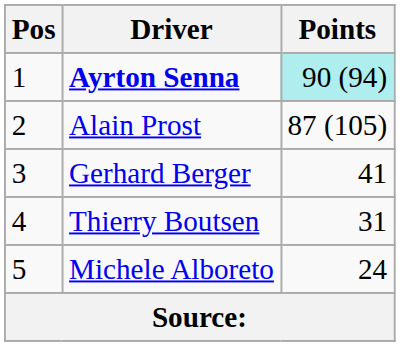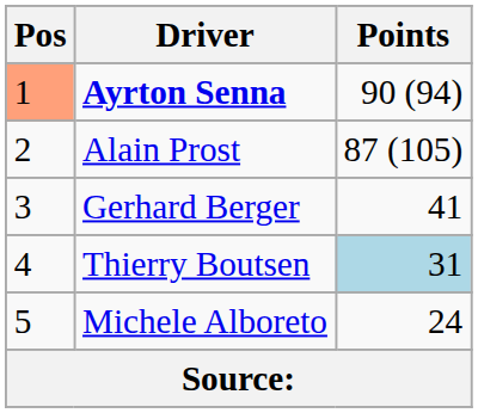 <table class="wikitable" style="font-size: 95%;">
 <tr>
 <th>Pos</th>
 <th>Driver</th>
 <th>Points</th>
 </tr>
 <tr>
-<td>1</td>
+<td style="background: lightsalmon;">1</td>
 <td> <strong><a href='#'>Ayrton Senna</a></strong></td>
-<td align=right style="background: paleturquoise;">90 (94)</td>
+<td align=right>90 (94)</td>
 </tr>
 <tr>
 <td>2</td>
 <td> <a href='#'>Alain Prost</a></td>
 <td align=right>87 (105)</td>
 </tr>
 <tr>
 <td>3</td>
 <td> <a href='#'>Gerhard Berger</a></td>
 <td align=right>41</td>
 </tr>
 <tr>
 <td>4</td>
 <td> <a href='#'>Thierry Boutsen</a></td>
-<td align=right>31</td>
+<td align=right style="background: lightblue;">31</td>
 </tr>
 <tr>
 <td>5</td>
 <td> <a href='#'>Michele Alboreto</a></td>
 <td align=right>24</td>
 </tr>
 <tr>
 <th colspan=3>Source:</th>
 </tr>
 </table>
